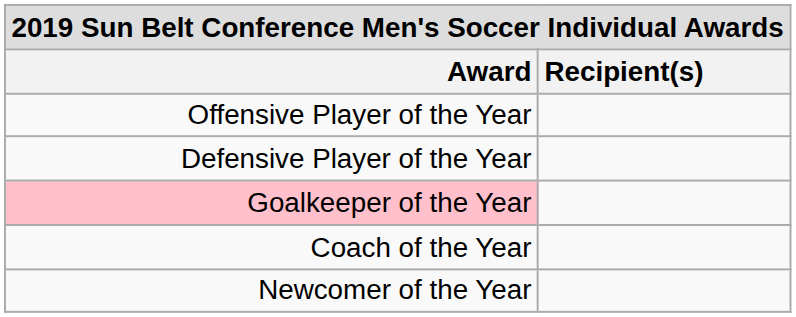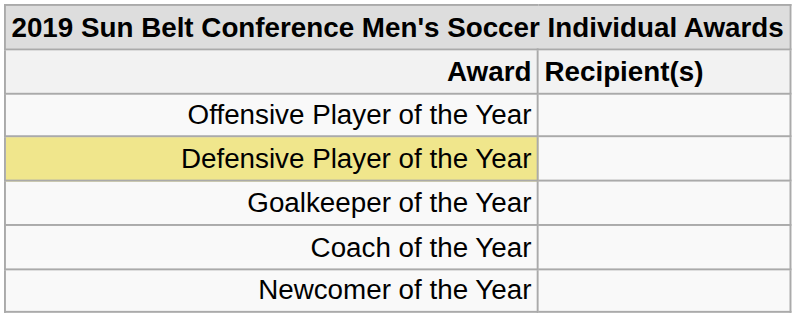 <table class="wikitable" style="white-space:nowrap; font-size:90%;">
 <tr>
 <td colspan="7" style="text-align:center; background:#ddd;"><strong>2019 Sun Belt Conference Men's Soccer Individual Awards</strong></td>
 </tr>
 <tr>
 <th style="text-align:right;">Award</th>
 <th style="text-align:left;">Recipient(s)</th>
 </tr>
 <tr>
 <td style="text-align:right;">Offensive Player of the Year</td>
 <td style="text-align:left;"></td>
 </tr>
 <tr>
-<td style="text-align:right;">Defensive Player of the Year</td>
+<td style="background: khaki; text-align:right;">Defensive Player of the Year</td>
 <td style="text-align:left;"></td>
 </tr>
 <tr>
-<td style="background: pink; text-align:right;">Goalkeeper of the Year</td>
+<td style="text-align:right;">Goalkeeper of the Year</td>
 <td style="text-align:left;"></td>
 </tr>
 <tr>
 <td style="text-align:right;">Coach of the Year</td>
 <td style="text-align:left;"></td>
 </tr>
 <tr>
 <td style="text-align:right;">Newcomer of the Year</td>
 <td style="text-align:left;"></td>
 </tr>
 </table>
